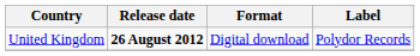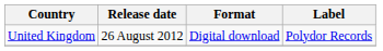 <table class="wikitable plainrowheaders">
 <tr>
 <th scope="col">Country</th>
 <th scope="col">Release date</th>
 <th scope="col">Format</th>
 <th scope="col">Label</th>
 </tr>
 <tr>
 <td><a href='#'>United Kingdom</a></td>
-<td><strong>26 August 2012</strong></td>
+<td>26 August 2012</td>
 <td><a href='#'>Digital download</a></td>
 <td><a href='#'>Polydor Records</a></td>
 </tr>
 <tr>
 </tr>
 </table>
